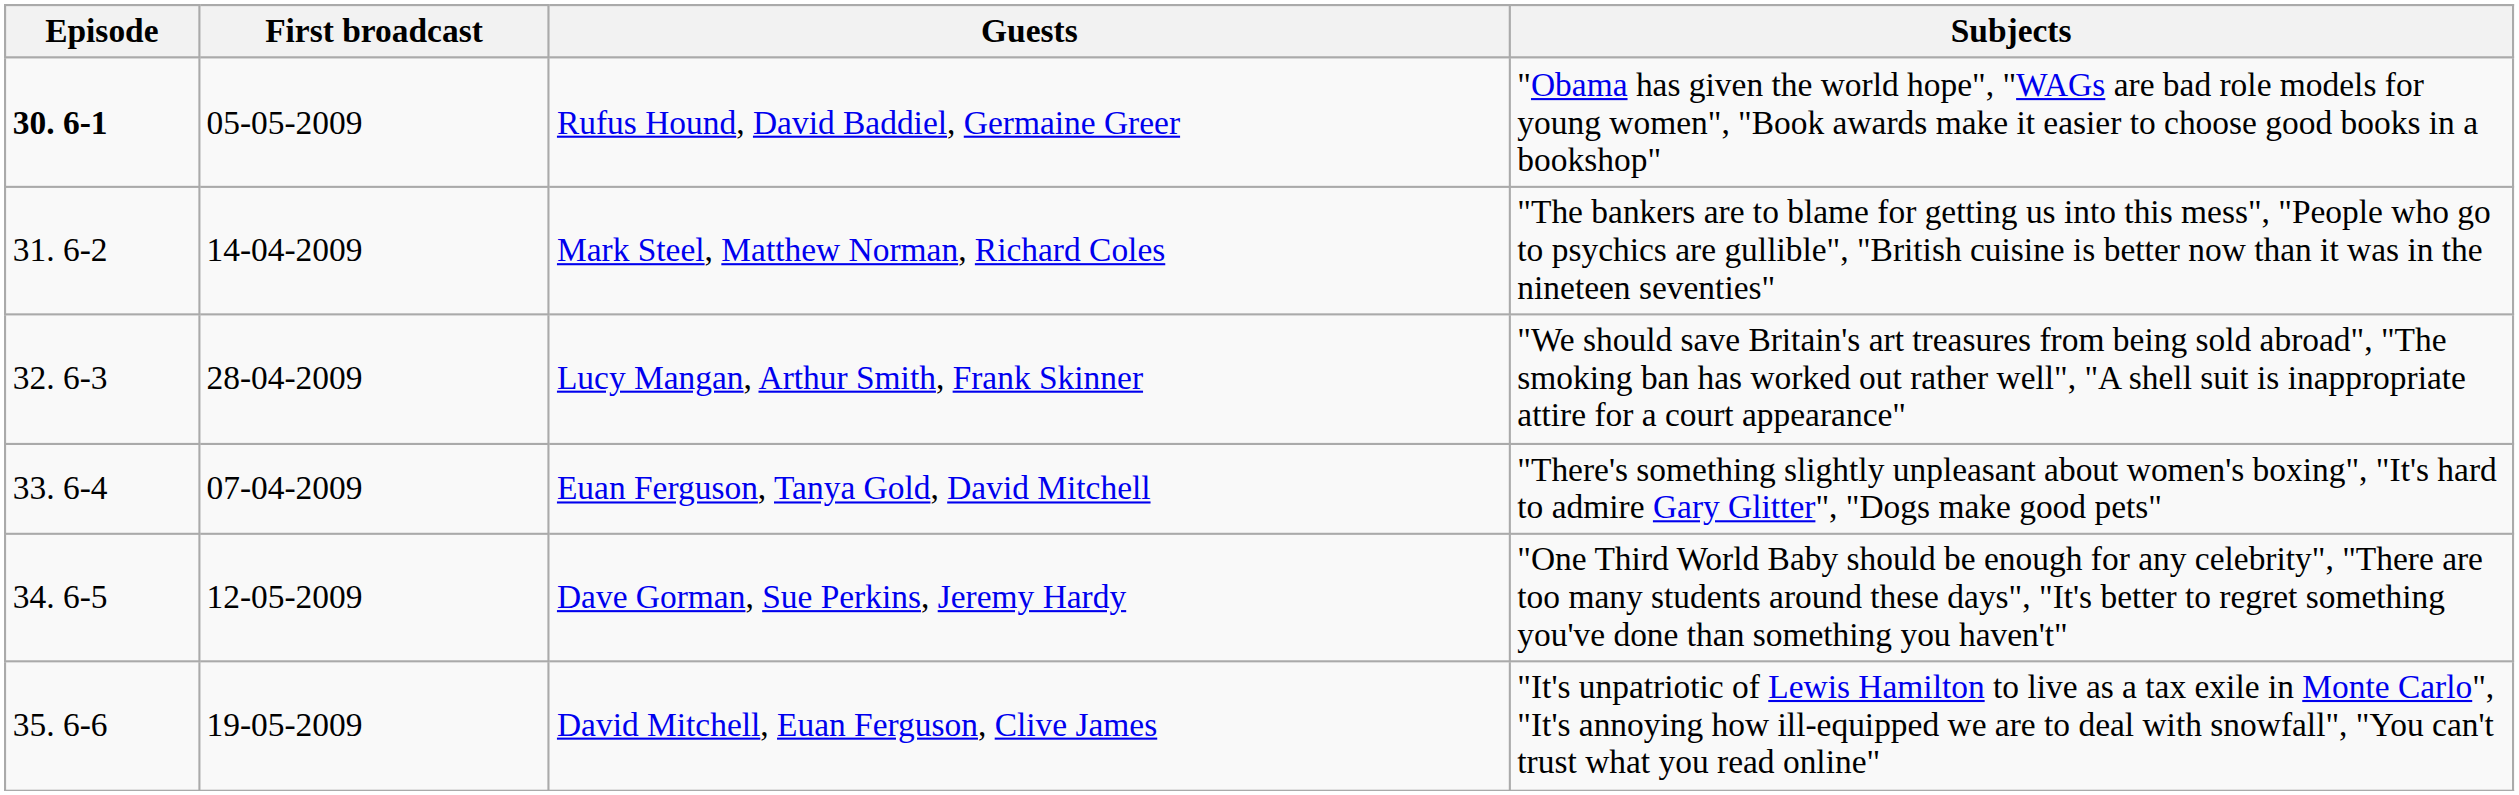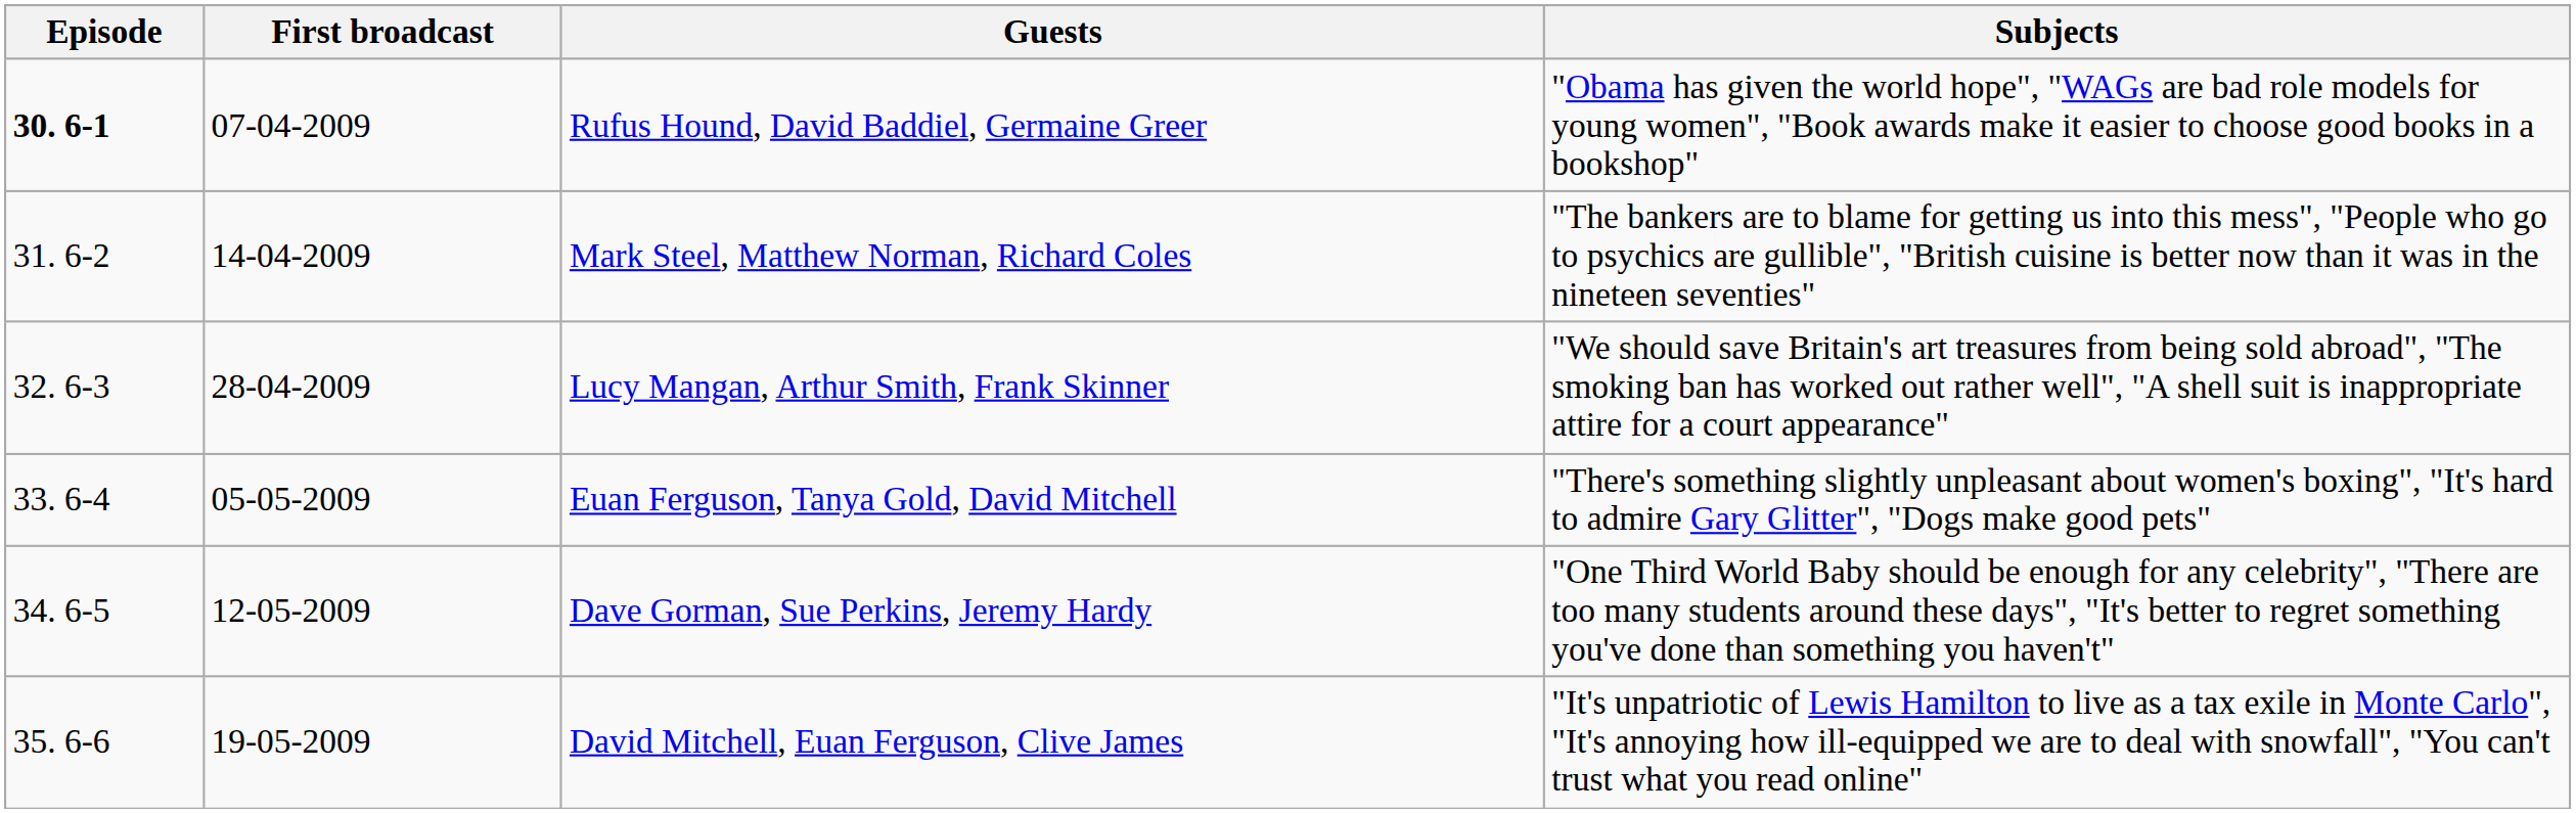 <table class="wikitable" style="width:95%;">
 <tr bgcolor="#cccccc">
 <th>Episode</th>
 <th>First broadcast</th>
 <th>Guests</th>
 <th style="width:40%;">Subjects</th>
 </tr>
 <tr>
 <td><strong>30. 6-1</strong></td>
-<td>05-05-2009</td>
+<td>07-04-2009</td>
 <td><a href='#'>Rufus Hound</a>, <a href='#'>David Baddiel</a>, <a href='#'>Germaine Greer</a></td>
 <td>"<a href='#'>Obama</a> has given the world hope", "<a href='#'>WAGs</a> are bad role models for young women", "Book awards make it easier to choose good books in a bookshop"</td>
 </tr>
 <tr>
 <td>31. 6-2</td>
 <td>14-04-2009</td>
 <td><a href='#'>Mark Steel</a>, <a href='#'>Matthew Norman</a>, <a href='#'>Richard Coles</a></td>
 <td>"The bankers are to blame for getting us into this mess", "People who go to psychics are gullible", "British cuisine is better now than it was in the nineteen seventies"</td>
 </tr>
 <tr>
 <td>32. 6-3</td>
 <td>28-04-2009</td>
 <td><a href='#'>Lucy Mangan</a>, <a href='#'>Arthur Smith</a>, <a href='#'>Frank Skinner</a></td>
 <td>"We should save Britain's art treasures from being sold abroad", "The smoking ban has worked out rather well", "A shell suit is inappropriate attire for a court appearance"</td>
 </tr>
 <tr>
 <td>33. 6-4</td>
-<td>07-04-2009</td>
+<td>05-05-2009</td>
 <td><a href='#'>Euan Ferguson</a>, <a href='#'>Tanya Gold</a>, <a href='#'>David Mitchell</a></td>
 <td>"There's something slightly unpleasant about women's boxing", "It's hard to admire <a href='#'>Gary Glitter</a>", "Dogs make good pets"</td>
 </tr>
 <tr>
 <td>34. 6-5</td>
 <td>12-05-2009</td>
 <td><a href='#'>Dave Gorman</a>, <a href='#'>Sue Perkins</a>, <a href='#'>Jeremy Hardy</a></td>
 <td>"One Third World Baby should be enough for any celebrity", "There are too many students around these days", "It's better to regret something you've done than something you haven't"</td>
 </tr>
 <tr>
 <td>35. 6-6</td>
 <td>19-05-2009</td>
 <td><a href='#'>David Mitchell</a>, <a href='#'>Euan Ferguson</a>, <a href='#'>Clive James</a></td>
 <td>"It's unpatriotic of <a href='#'>Lewis Hamilton</a> to live as a tax exile in <a href='#'>Monte Carlo</a>", "It's annoying how ill-equipped we are to deal with snowfall", "You can't trust what you read online"</td>
 </tr>
 <tr>
 </tr>
 </table>
